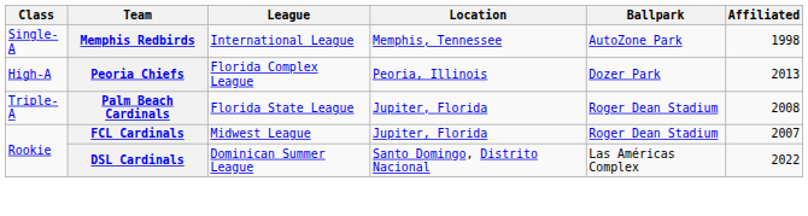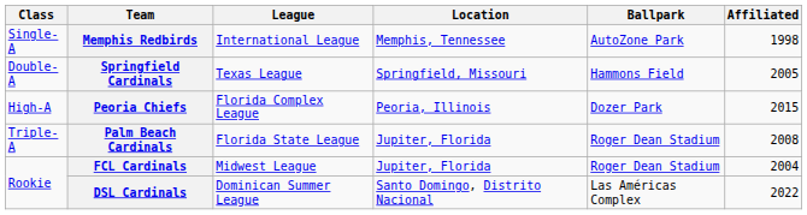 <table class="wikitable plainrowheaders sortable">
 <tr>
 <th scope="col">Class</th>
 <th scope="col">Team</th>
 <th scope="col">League</th>
 <th scope="col">Location</th>
 <th scope="col">Ballpark</th>
 <th scope="col">Affiliated</th>
 </tr>
 <tr>
 <td><a href='#'>Single-A</a></td>
 <th scope="row"><a href='#'>Memphis Redbirds</a></th>
 <td><a href='#'>International League</a></td>
 <td><a href='#'>Memphis, Tennessee</a></td>
 <td><a href='#'>AutoZone Park</a></td>
 <td align="right">1998</td>
 </tr>
 <tr>
+<td><a href='#'>Double-A</a></td>
+<th scope="row"><a href='#'>Springfield Cardinals</a></th>
+<td><a href='#'>Texas League</a></td>
+<td><a href='#'>Springfield, Missouri</a></td>
+<td><a href='#'>Hammons Field</a></td>
+<td align="right">2005</td>
+</tr>
+<tr>
 <td><a href='#'>High-A</a></td>
 <th scope="row"><a href='#'>Peoria Chiefs</a></th>
 <td><a href='#'>Florida Complex League</a></td>
 <td><a href='#'>Peoria, Illinois</a></td>
 <td><a href='#'>Dozer Park</a></td>
-<td align="right">2013</td>
+<td align="right">2015</td>
 </tr>
 <tr>
 <td><a href='#'>Triple-A</a></td>
 <th scope="row"><a href='#'>Palm Beach Cardinals</a></th>
 <td><a href='#'>Florida State League</a></td>
 <td><a href='#'>Jupiter, Florida</a></td>
 <td><a href='#'>Roger Dean Stadium</a></td>
 <td align="right">2008</td>
 </tr>
 <tr>
 <td rowspan=2><a href='#'>Rookie</a></td>
 <th scope="row"><a href='#'>FCL Cardinals</a></th>
 <td><a href='#'>Midwest League</a></td>
 <td><a href='#'>Jupiter, Florida</a></td>
 <td><a href='#'>Roger Dean Stadium</a></td>
-<td align="right">2007</td>
+<td align="right">2004</td>
 </tr>
 <tr>
 <th scope="row"><a href='#'>DSL Cardinals</a></th>
 <td><a href='#'>Dominican Summer League</a></td>
 <td><a href='#'>Santo Domingo</a>, <a href='#'>Distrito Nacional</a></td>
 <td>Las Américas Complex</td>
 <td align="right">2022</td>
 </tr>
 </table>
